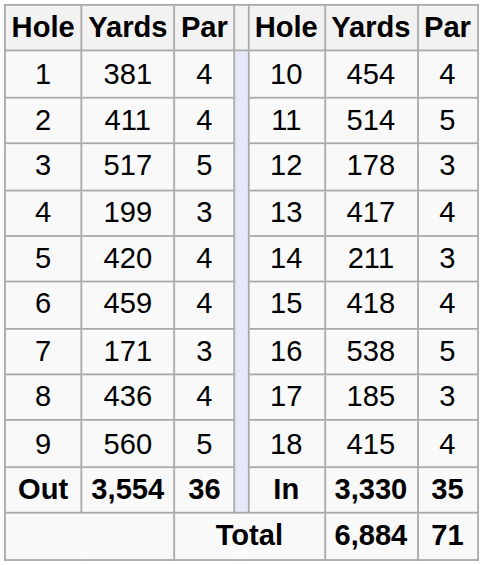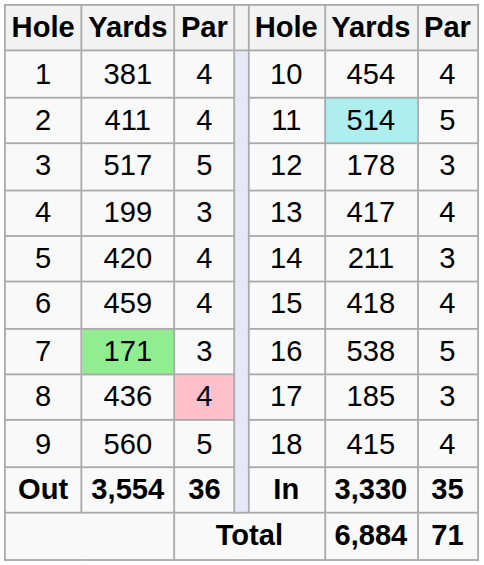 <table class="wikitable" style="text-align:center; font-size:100%;">
 <tr>
 <th>Hole</th>
 <th>Yards</th>
 <th>Par</th>
 <th></th>
 <th>Hole</th>
 <th>Yards</th>
 <th>Par</th>
 </tr>
 <tr>
 <td>1</td>
 <td>381</td>
 <td>4</td>
 <td rowspan=10 style="background:#E6E8FA;"></td>
 <td>10</td>
 <td>454</td>
 <td>4</td>
 </tr>
 <tr>
 <td>2</td>
 <td>411</td>
 <td>4</td>
 <td>11</td>
-<td>514</td>
+<td style="background: paleturquoise;">514</td>
 <td>5</td>
 </tr>
 <tr>
 <td>3</td>
 <td>517</td>
 <td>5</td>
 <td>12</td>
 <td>178</td>
 <td>3</td>
 </tr>
 <tr>
 <td>4</td>
 <td>199</td>
 <td>3</td>
 <td>13</td>
 <td>417</td>
 <td>4</td>
 </tr>
 <tr>
 <td>5</td>
 <td>420</td>
 <td>4</td>
 <td>14</td>
 <td>211</td>
 <td>3</td>
 </tr>
 <tr>
 <td>6</td>
 <td>459</td>
 <td>4</td>
 <td>15</td>
 <td>418</td>
 <td>4</td>
 </tr>
 <tr>
 <td>7</td>
-<td>171</td>
+<td style="background: lightgreen;">171</td>
 <td>3</td>
 <td>16</td>
 <td>538</td>
 <td>5</td>
 </tr>
 <tr>
 <td>8</td>
 <td>436</td>
-<td>4</td>
+<td style="background: pink;">4</td>
 <td>17</td>
 <td>185</td>
 <td>3</td>
 </tr>
 <tr>
 <td>9</td>
 <td>560</td>
 <td>5</td>
 <td>18</td>
 <td>415</td>
 <td>4</td>
 </tr>
 <tr>
 <td><strong>Out</strong></td>
 <td><strong>3,554</strong></td>
 <td><strong>36</strong></td>
 <td><strong>In</strong></td>
 <td><strong>3,330</strong></td>
 <td><strong>35</strong></td>
 </tr>
 <tr>
 <td colspan=2 align=left></td>
 <td colspan=3><strong>Total</strong></td>
 <td><strong>6,884</strong></td>
 <td><strong>71</strong></td>
 </tr>
 </table>
